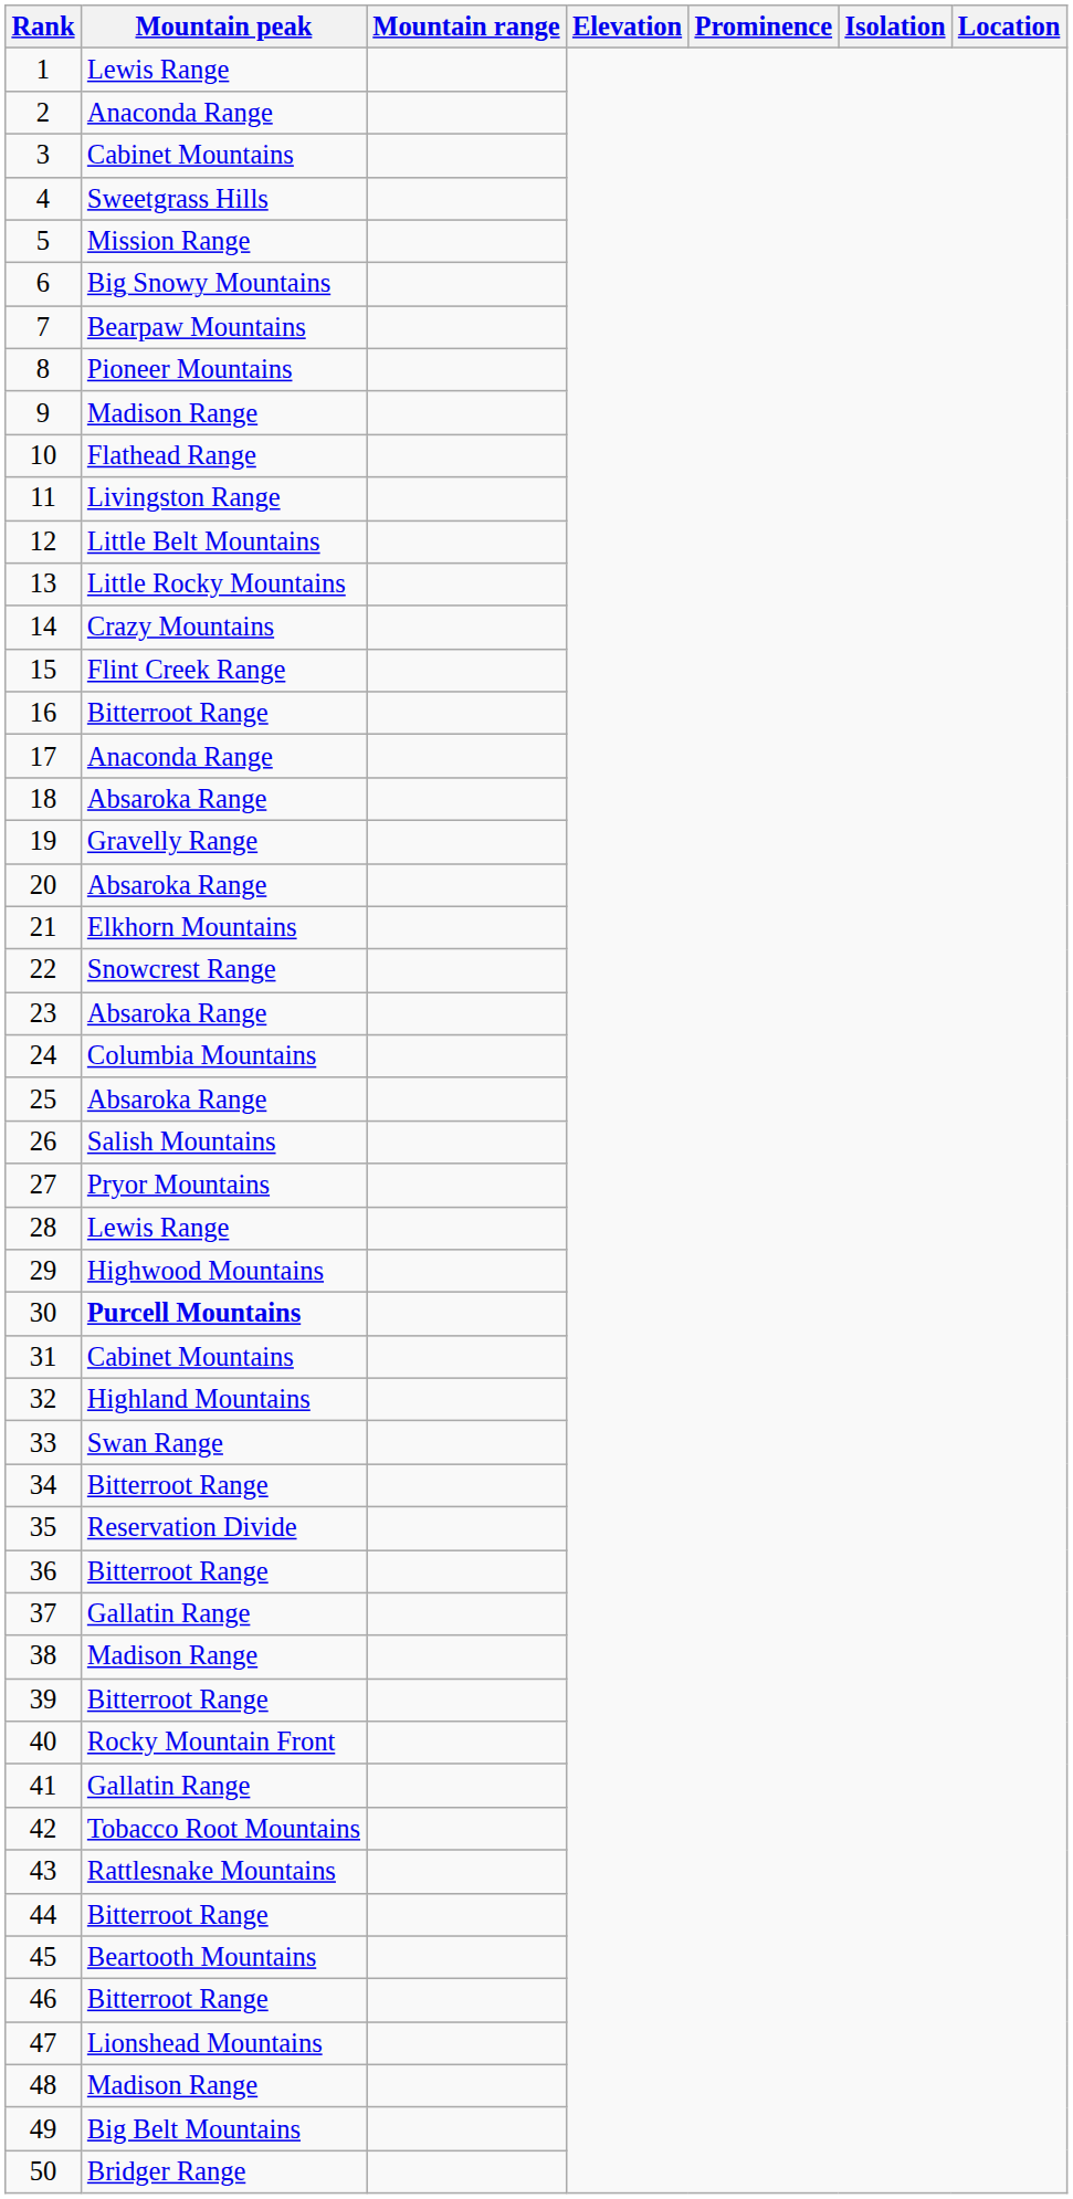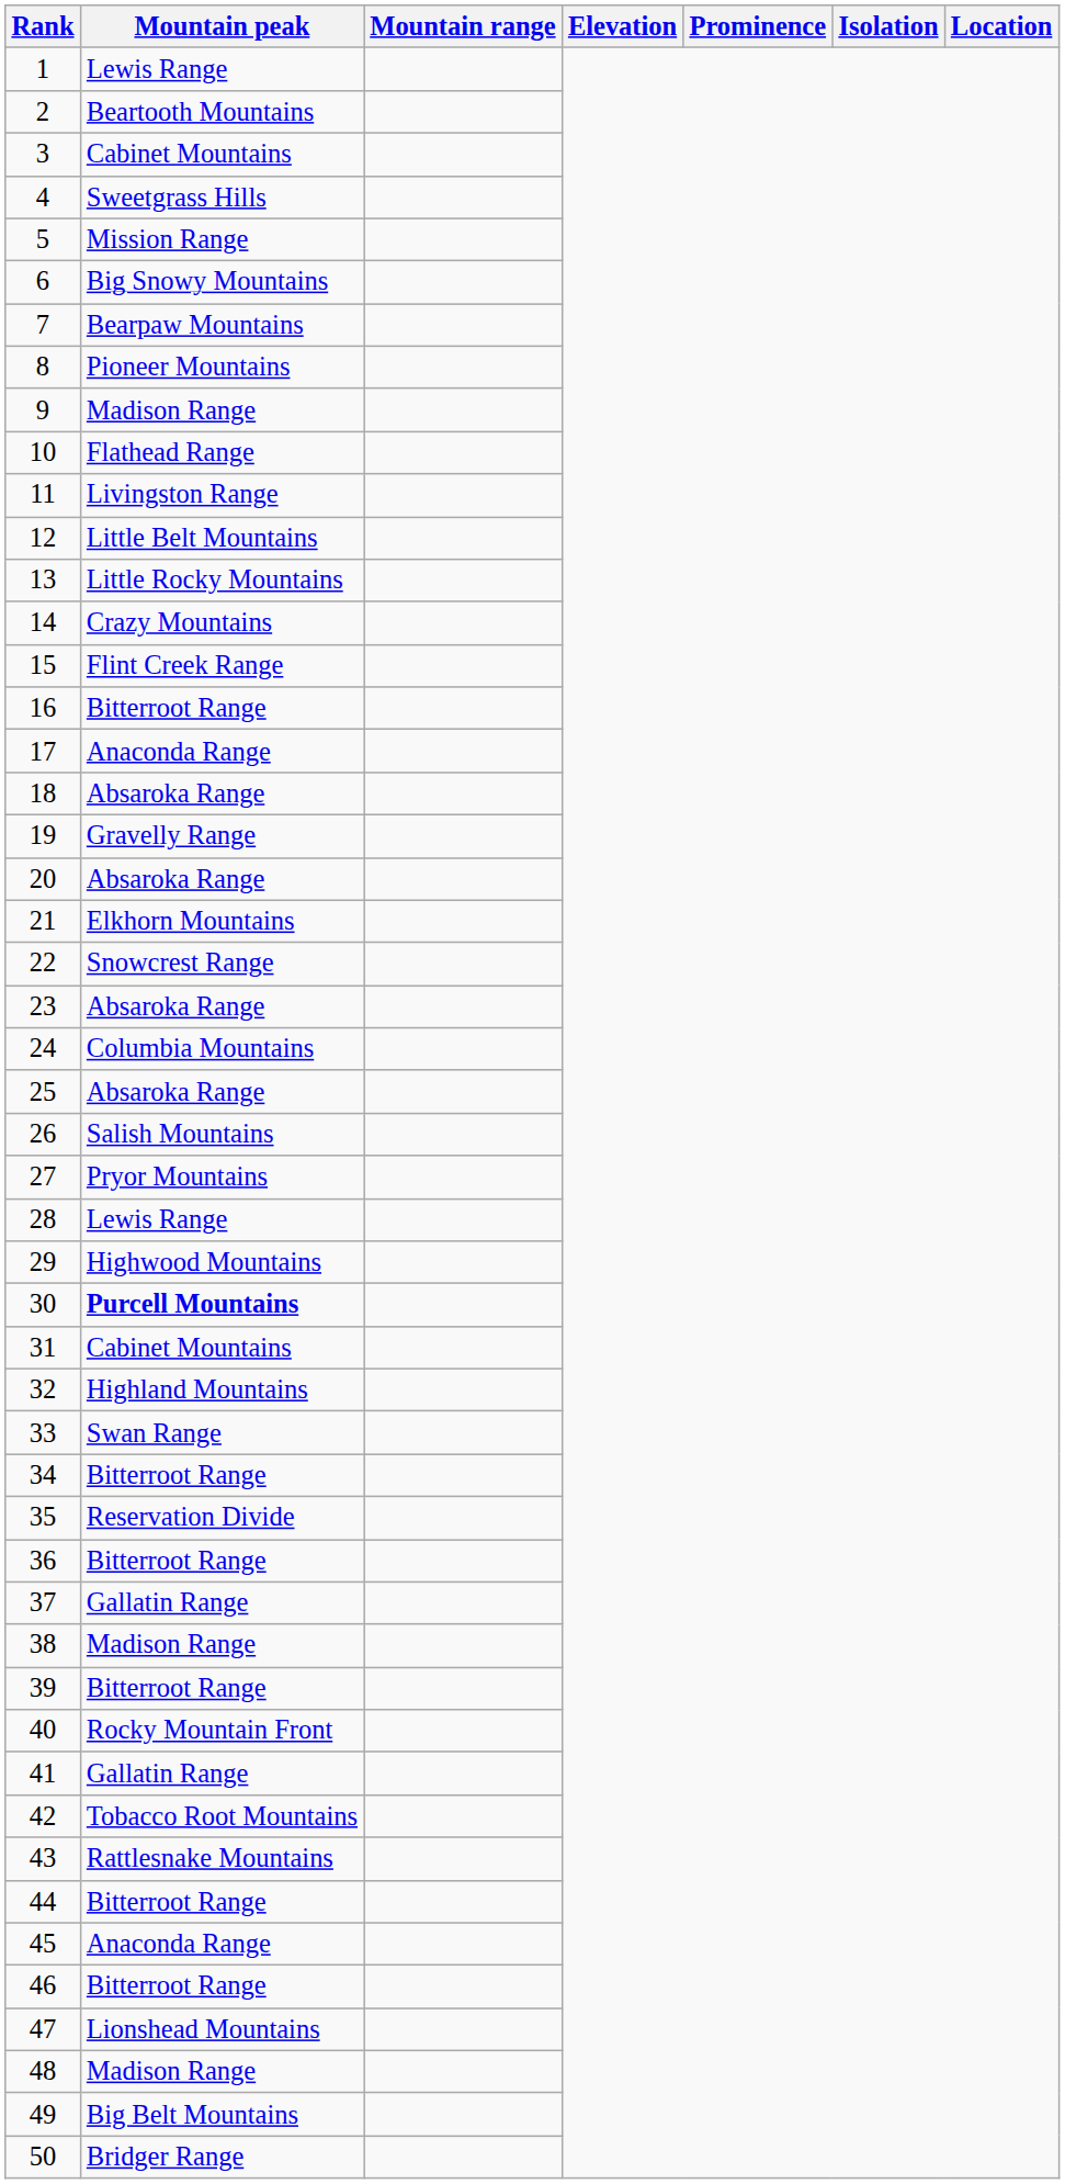 <table class="wikitable sortable">
 <tr>
 <th><a href='#'>Rank</a></th>
 <th><a href='#'>Mountain peak</a></th>
 <th><a href='#'>Mountain range</a></th>
 <th><a href='#'>Elevation</a></th>
 <th><a href='#'>Prominence</a></th>
 <th><a href='#'>Isolation</a></th>
 <th><a href='#'>Location</a></th>
 </tr>
 <tr>
 <td align=center>1<br></td>
 <td><a href='#'>Lewis Range</a><br></td>
 <td></td>
 </tr>
 <tr>
 <td align=center>2<br></td>
-<td><a href='#'>Anaconda Range</a><br></td>
+<td><a href='#'>Beartooth Mountains</a><br></td>
 <td></td>
 </tr>
 <tr>
 <td align=center>3<br></td>
 <td><a href='#'>Cabinet Mountains</a><br></td>
 <td></td>
 </tr>
 <tr>
 <td align=center>4<br></td>
 <td><a href='#'>Sweetgrass Hills</a><br></td>
 <td></td>
 </tr>
 <tr>
 <td align=center>5<br></td>
 <td><a href='#'>Mission Range</a><br></td>
 <td></td>
 </tr>
 <tr>
 <td align=center>6<br></td>
 <td><a href='#'>Big Snowy Mountains</a><br></td>
 <td></td>
 </tr>
 <tr>
 <td align=center>7<br></td>
 <td><a href='#'>Bearpaw Mountains</a><br></td>
 <td></td>
 </tr>
 <tr>
 <td align=center>8<br></td>
 <td><a href='#'>Pioneer Mountains</a><br></td>
 <td></td>
 </tr>
 <tr>
 <td align=center>9<br></td>
 <td><a href='#'>Madison Range</a><br></td>
 <td></td>
 </tr>
 <tr>
 <td align=center>10<br></td>
 <td><a href='#'>Flathead Range</a><br></td>
 <td></td>
 </tr>
 <tr>
 <td align=center>11<br></td>
 <td><a href='#'>Livingston Range</a><br></td>
 <td></td>
 </tr>
 <tr>
 <td align=center>12<br></td>
 <td><a href='#'>Little Belt Mountains</a><br></td>
 <td></td>
 </tr>
 <tr>
 <td align=center>13<br></td>
 <td><a href='#'>Little Rocky Mountains</a><br></td>
 <td></td>
 </tr>
 <tr>
 <td align=center>14<br></td>
 <td><a href='#'>Crazy Mountains</a><br></td>
 <td></td>
 </tr>
 <tr>
 <td align=center>15<br></td>
 <td><a href='#'>Flint Creek Range</a><br></td>
 <td></td>
 </tr>
 <tr>
 <td align=center>16<br></td>
 <td><a href='#'>Bitterroot Range</a><br></td>
 <td></td>
 </tr>
 <tr>
 <td align=center>17<br></td>
 <td><a href='#'>Anaconda Range</a><br></td>
 <td></td>
 </tr>
 <tr>
 <td align=center>18<br></td>
 <td><a href='#'>Absaroka Range</a><br></td>
 <td></td>
 </tr>
 <tr>
 <td align=center>19<br></td>
 <td><a href='#'>Gravelly Range</a><br></td>
 <td></td>
 </tr>
 <tr>
 <td align=center>20<br></td>
 <td><a href='#'>Absaroka Range</a><br></td>
 <td></td>
 </tr>
 <tr>
 <td align=center>21<br></td>
 <td><a href='#'>Elkhorn Mountains</a><br></td>
 <td></td>
 </tr>
 <tr>
 <td align=center>22<br></td>
 <td><a href='#'>Snowcrest Range</a><br></td>
 <td></td>
 </tr>
 <tr>
 <td align=center>23<br></td>
 <td><a href='#'>Absaroka Range</a><br></td>
 <td></td>
 </tr>
 <tr>
 <td align=center>24<br></td>
 <td><a href='#'>Columbia Mountains</a><br></td>
 <td></td>
 </tr>
 <tr>
 <td align=center>25<br></td>
 <td><a href='#'>Absaroka Range</a><br></td>
 <td></td>
 </tr>
 <tr>
 <td align=center>26<br></td>
 <td><a href='#'>Salish Mountains</a><br></td>
 <td></td>
 </tr>
 <tr>
 <td align=center>27<br></td>
 <td><a href='#'>Pryor Mountains</a><br></td>
 <td></td>
 </tr>
 <tr>
 <td align=center>28<br></td>
 <td><a href='#'>Lewis Range</a><br></td>
 <td></td>
 </tr>
 <tr>
 <td align=center>29<br></td>
 <td><a href='#'>Highwood Mountains</a><br></td>
 <td></td>
 </tr>
 <tr>
 <td align=center>30<br></td>
 <td><strong><a href='#'>Purcell Mountains</a><br></strong></td>
 <td></td>
 </tr>
 <tr>
 <td align=center>31<br></td>
 <td><a href='#'>Cabinet Mountains</a><br></td>
 <td></td>
 </tr>
 <tr>
 <td align=center>32<br></td>
 <td><a href='#'>Highland Mountains</a><br></td>
 <td></td>
 </tr>
 <tr>
 <td align=center>33<br></td>
 <td><a href='#'>Swan Range</a><br></td>
 <td></td>
 </tr>
 <tr>
 <td align=center>34<br></td>
 <td><a href='#'>Bitterroot Range</a><br></td>
 <td></td>
 </tr>
 <tr>
 <td align=center>35<br></td>
 <td><a href='#'>Reservation Divide</a><br></td>
 <td></td>
 </tr>
 <tr>
 <td align=center>36<br></td>
 <td><a href='#'>Bitterroot Range</a><br></td>
 <td></td>
 </tr>
 <tr>
 <td align=center>37<br></td>
 <td><a href='#'>Gallatin Range</a><br></td>
 <td></td>
 </tr>
 <tr>
 <td align=center>38<br></td>
 <td><a href='#'>Madison Range</a><br></td>
 <td></td>
 </tr>
 <tr>
 <td align=center>39<br></td>
 <td><a href='#'>Bitterroot Range</a><br></td>
 <td></td>
 </tr>
 <tr>
 <td align=center>40<br></td>
 <td><a href='#'>Rocky Mountain Front</a><br></td>
 <td></td>
 </tr>
 <tr>
 <td align=center>41<br></td>
 <td><a href='#'>Gallatin Range</a><br></td>
 <td></td>
 </tr>
 <tr>
 <td align=center>42<br></td>
 <td><a href='#'>Tobacco Root Mountains</a><br></td>
 <td></td>
 </tr>
 <tr>
 <td align=center>43<br></td>
 <td><a href='#'>Rattlesnake Mountains</a><br></td>
 <td></td>
 </tr>
 <tr>
 <td align=center>44<br></td>
 <td><a href='#'>Bitterroot Range</a><br></td>
 <td></td>
 </tr>
 <tr>
 <td align=center>45<br></td>
-<td><a href='#'>Beartooth Mountains</a><br></td>
+<td><a href='#'>Anaconda Range</a><br></td>
 <td></td>
 </tr>
 <tr>
 <td align=center>46<br></td>
 <td><a href='#'>Bitterroot Range</a><br></td>
 <td></td>
 </tr>
 <tr>
 <td align=center>47<br></td>
 <td><a href='#'>Lionshead Mountains</a><br></td>
 <td></td>
 </tr>
 <tr>
 <td align=center>48<br></td>
 <td><a href='#'>Madison Range</a><br></td>
 <td></td>
 </tr>
 <tr>
 <td align=center>49<br></td>
 <td><a href='#'>Big Belt Mountains</a><br></td>
 <td></td>
 </tr>
 <tr>
 <td align=center>50<br></td>
 <td><a href='#'>Bridger Range</a><br></td>
 <td></td>
 </tr>
 </table>
